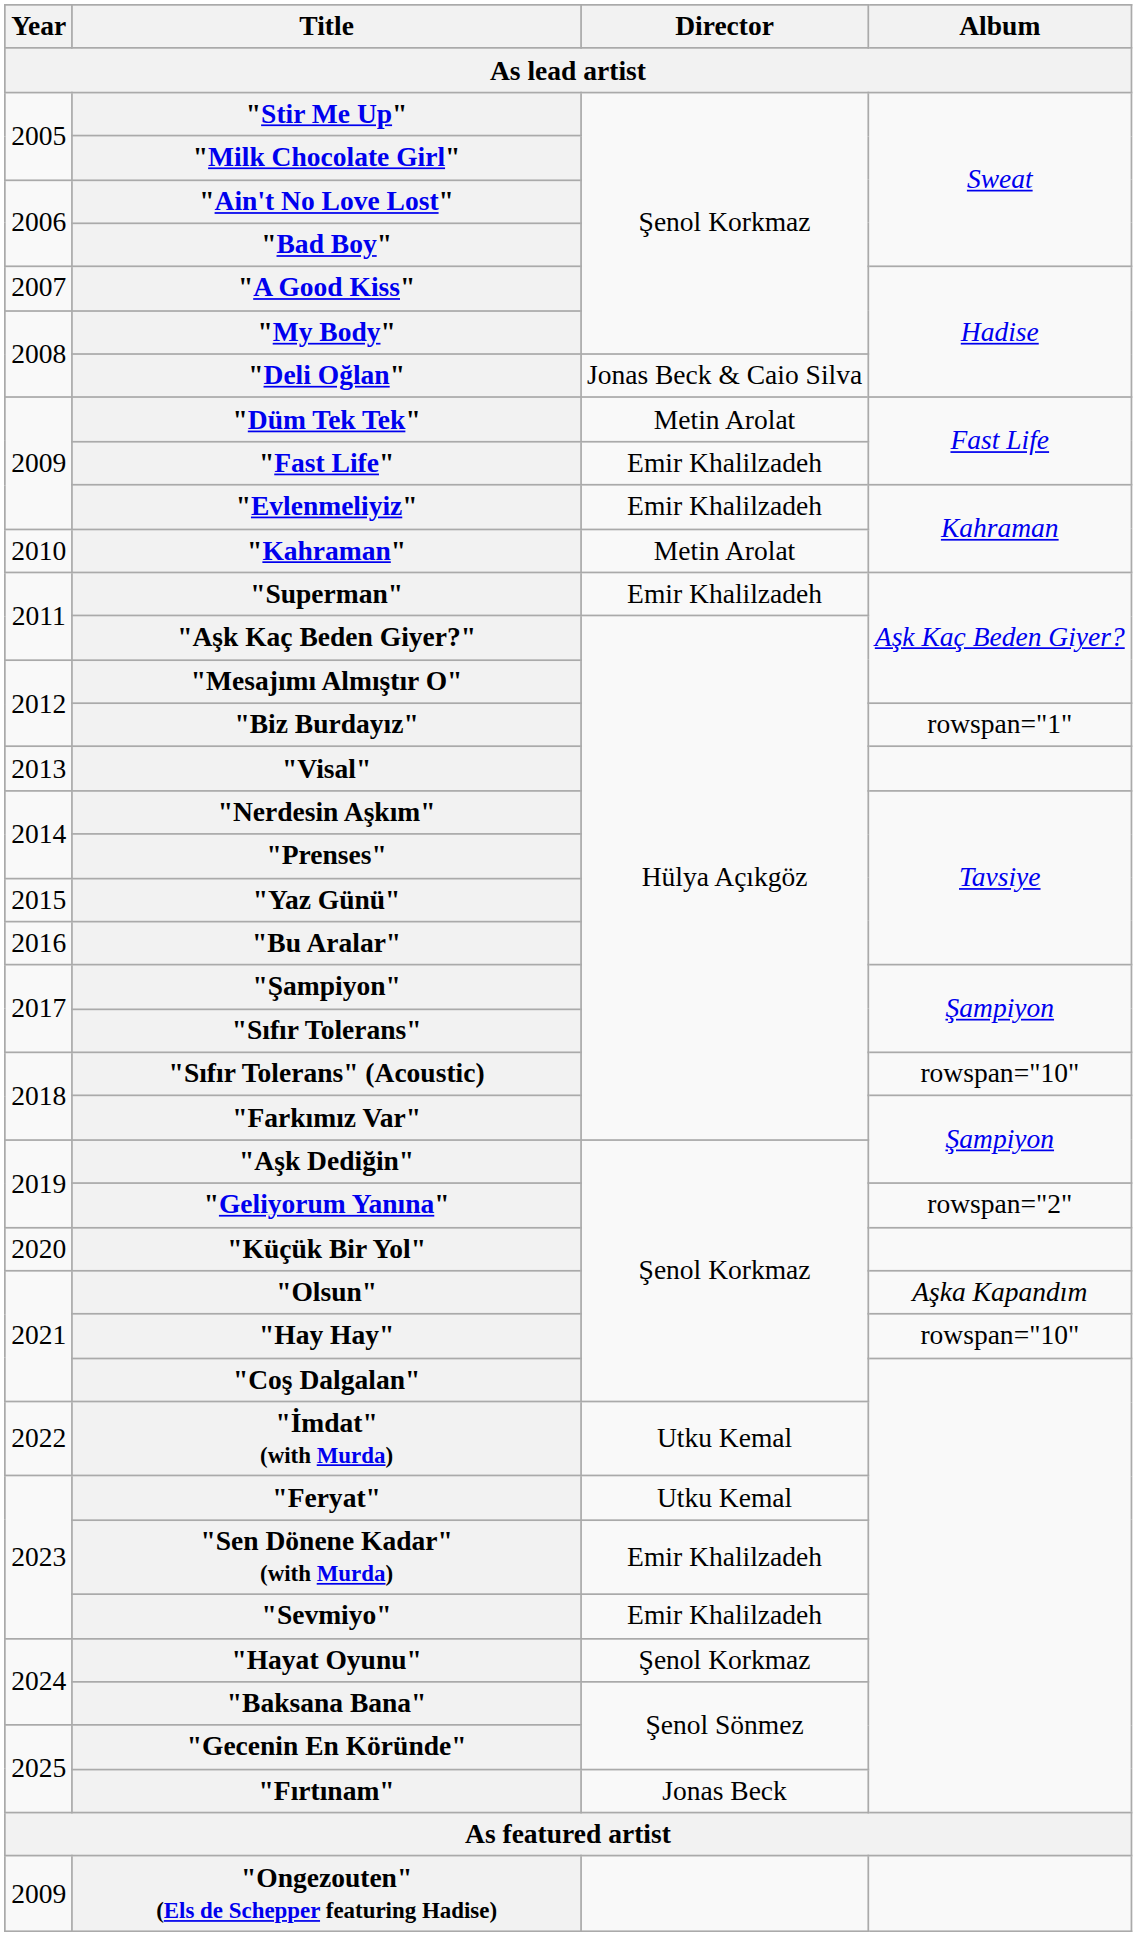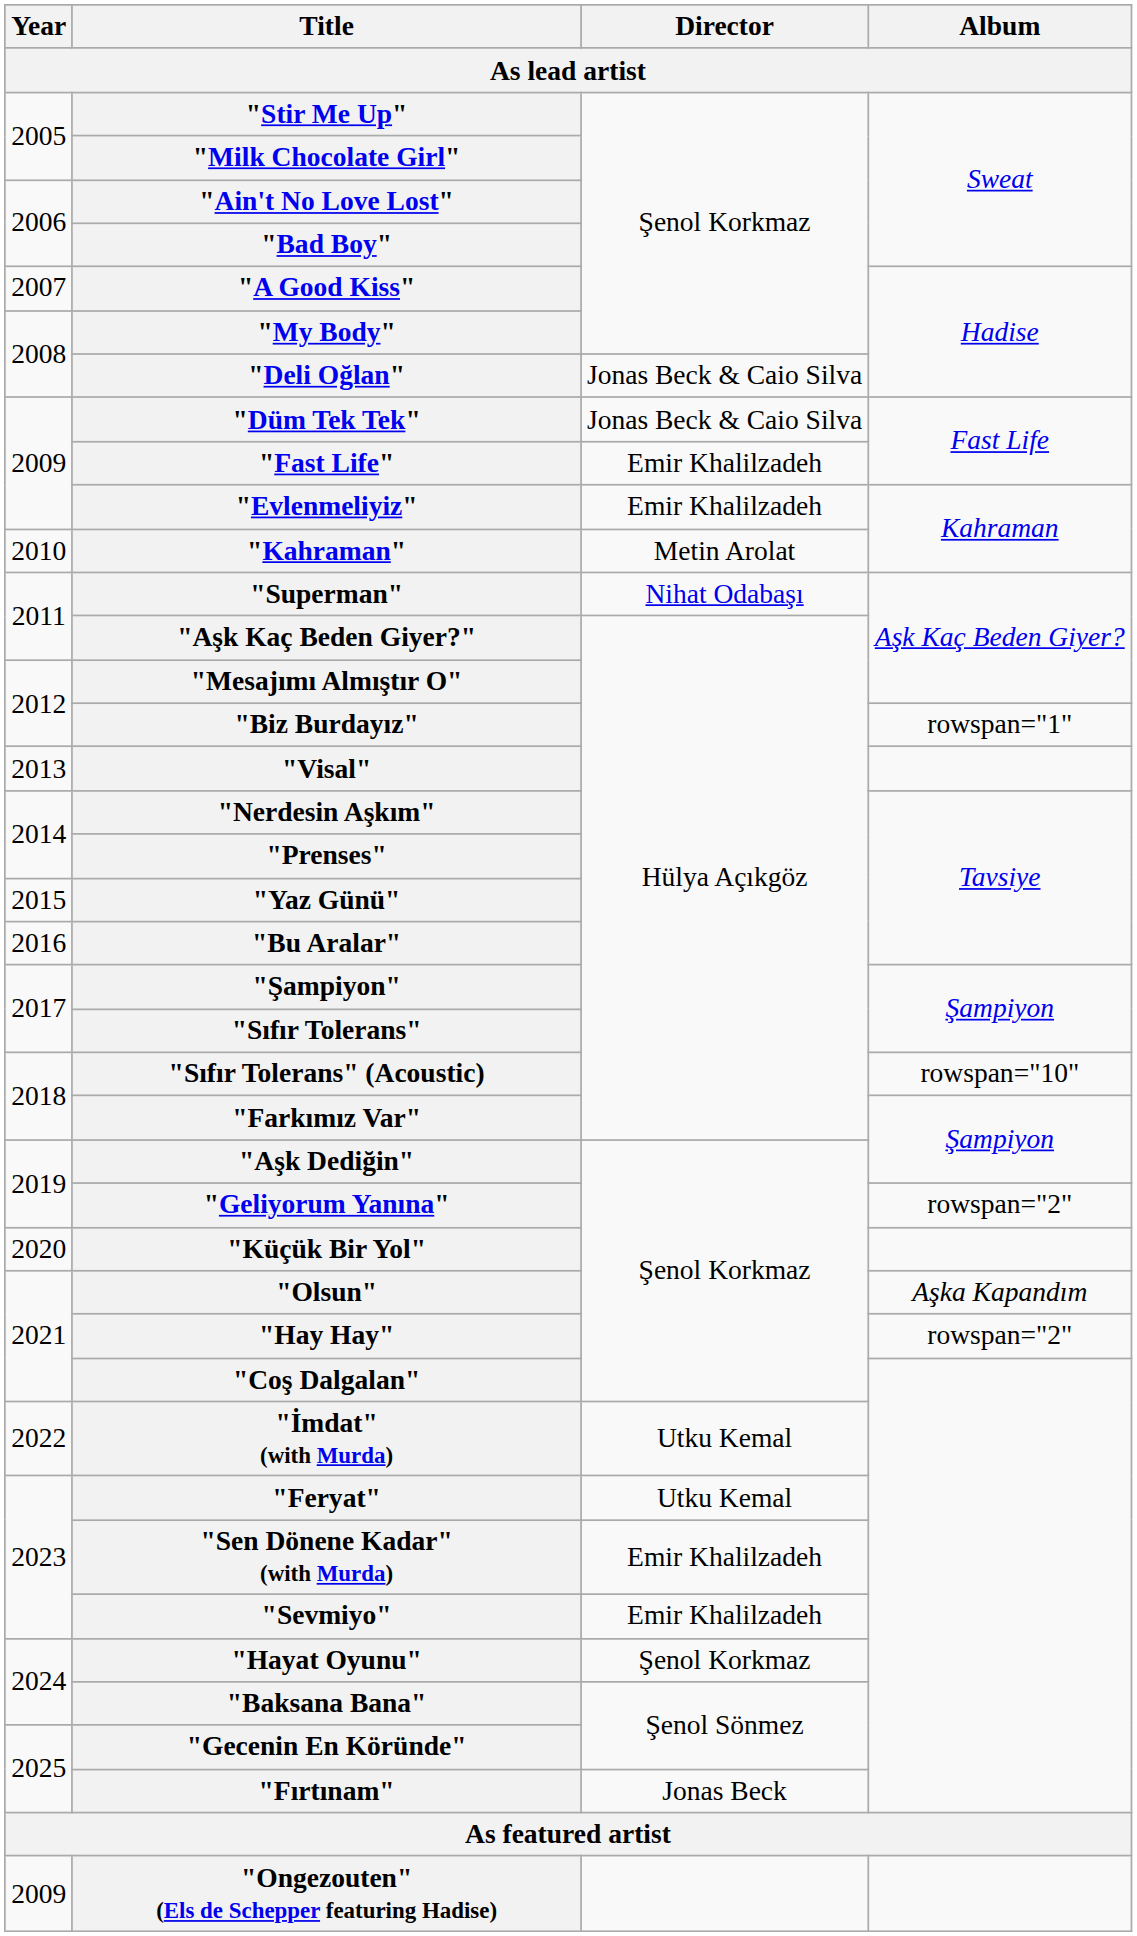 <table class="wikitable plainrowheaders" style="text-align:center;">
 <tr>
 <th scope="col" style="width:1em;">Year</th>
 <th scope="col" style="width:18em;">Title</th>
 <th scope="col">Director</th>
 <th scope="col">Album</th>
 </tr>
 <tr>
 <th scope="col" colspan="4">As lead artist</th>
 </tr>
 <tr>
 <td rowspan="2">2005</td>
 <th scope="row">"<a href='#'>Stir Me Up</a>"</th>
 <td rowspan="6">Şenol Korkmaz</td>
 <td rowspan="4"><em><a href='#'>Sweat</a></em></td>
 </tr>
 <tr>
 <th scope="row">"<a href='#'>Milk Chocolate Girl</a>"</th>
 </tr>
 <tr>
 <td rowspan="2">2006</td>
 <th scope="row">"<a href='#'>Ain't No Love Lost</a>"</th>
 </tr>
 <tr>
 <th scope="row">"<a href='#'>Bad Boy</a>"</th>
 </tr>
 <tr>
 <td>2007</td>
 <th scope="row">"<a href='#'>A Good Kiss</a>"</th>
 <td rowspan="3"><em><a href='#'>Hadise</a></em></td>
 </tr>
 <tr>
 <td rowspan="2">2008</td>
 <th scope="row">"<a href='#'>My Body</a>"</th>
 </tr>
 <tr>
 <th scope="row">"<a href='#'>Deli Oğlan</a>"</th>
 <td>Jonas Beck & Caio Silva</td>
 </tr>
 <tr>
 <td rowspan="3">2009</td>
 <th scope="row">"<a href='#'>Düm Tek Tek</a>"</th>
-<td>Metin Arolat</td>
+<td>Jonas Beck & Caio Silva</td>
 <td rowspan="2"><em><a href='#'>Fast Life</a></em></td>
 </tr>
 <tr>
 <th scope="row">"<a href='#'>Fast Life</a>"</th>
 <td>Emir Khalilzadeh</td>
 </tr>
 <tr>
 <th scope="row">"<a href='#'>Evlenmeliyiz</a>"</th>
 <td>Emir Khalilzadeh</td>
 <td rowspan="2"><em><a href='#'>Kahraman</a></em></td>
 </tr>
 <tr>
 <td>2010</td>
 <th scope="row">"<a href='#'>Kahraman</a>"</th>
 <td>Metin Arolat</td>
 </tr>
 <tr>
 <td rowspan="2">2011</td>
 <th scope="row">"Superman"</th>
-<td>Emir Khalilzadeh</td>
+<td><a href='#'>Nihat Odabaşı</a></td>
 <td rowspan="3"><em><a href='#'>Aşk Kaç Beden Giyer?</a></em></td>
 </tr>
 <tr>
 <th scope="row">"Aşk Kaç Beden Giyer?"</th>
 <td rowspan="12">Hülya Açıkgöz</td>
 </tr>
 <tr>
 <td rowspan="2">2012</td>
 <th scope="row">"Mesajımı Almıştır O"</th>
 </tr>
 <tr>
 <th scope="row">"Biz Burdayız"</th>
 <td>rowspan="1" </td>
 </tr>
 <tr>
 <td>2013</td>
 <th scope="row">"Visal"</th>
 </tr>
 <tr>
 <td rowspan="2">2014</td>
 <th scope="row">"Nerdesin Aşkım"</th>
 <td rowspan="4"><em><a href='#'>Tavsiye</a></em></td>
 </tr>
 <tr>
 <th scope="row">"Prenses"</th>
 </tr>
 <tr>
 <td>2015</td>
 <th scope="row">"Yaz Günü"</th>
 </tr>
 <tr>
 <td>2016</td>
 <th scope="row">"Bu Aralar"</th>
 </tr>
 <tr>
 <td rowspan="2">2017</td>
 <th scope="row">"Şampiyon"</th>
 <td rowspan="2"><em><a href='#'>Şampiyon</a></em></td>
 </tr>
 <tr>
 <th scope="row">"Sıfır Tolerans"</th>
 </tr>
 <tr>
 <td rowspan="2">2018</td>
 <th scope="row">"Sıfır Tolerans" (Acoustic)</th>
 <td>rowspan="10" </td>
 </tr>
 <tr>
 <th scope="row">"Farkımız Var"</th>
 <td rowspan="2"><em><a href='#'>Şampiyon</a></em></td>
 </tr>
 <tr>
 <td rowspan="2">2019</td>
 <th scope="row">"Aşk Dediğin"</th>
 <td rowspan="6">Şenol Korkmaz</td>
 </tr>
 <tr>
 <th scope="row">"<a href='#'>Geliyorum Yanına</a>"</th>
 <td>rowspan="2" </td>
 </tr>
 <tr>
 <td>2020</td>
 <th scope="row">"Küçük Bir Yol"</th>
 </tr>
 <tr>
 <td rowspan="3">2021</td>
 <th scope="row">"Olsun"</th>
 <td><em>Aşka Kapandım</em></td>
 </tr>
 <tr>
 <th scope="row">"Hay Hay"</th>
-<td>rowspan="10" </td>
+<td>rowspan="2" </td>
 </tr>
 <tr>
 <th scope="row">"Coş Dalgalan"</th>
 </tr>
 <tr>
 <td rowspan="1">2022</td>
 <th scope="row">"İmdat"<br><small>(with <a href='#'>Murda</a>)</small></th>
 <td>Utku Kemal</td>
 </tr>
 <tr>
 <td rowspan="3">2023</td>
 <th scope="row">"Feryat"</th>
 <td>Utku Kemal</td>
 </tr>
 <tr>
 <th scope="row">"Sen Dönene Kadar"<br><small>(with <a href='#'>Murda</a>)</small></th>
 <td>Emir Khalilzadeh</td>
 </tr>
 <tr>
 <th scope="row">"Sevmiyo"</th>
 <td>Emir Khalilzadeh</td>
 </tr>
 <tr>
 <td rowspan="2">2024</td>
 <th scope="row">"Hayat Oyunu"</th>
 <td>Şenol Korkmaz</td>
 </tr>
 <tr>
 <th scope="row">"Baksana Bana"</th>
 <td rowspan="2">Şenol Sönmez</td>
 </tr>
 <tr>
 <td rowspan="2">2025</td>
 <th scope="row">"Gecenin En Köründe"</th>
 </tr>
 <tr>
 <th scope="row">"Fırtınam"</th>
 <td>Jonas Beck</td>
 </tr>
 <tr>
 <th scope="col" colspan="4">As featured artist</th>
 </tr>
 <tr>
 <td>2009</td>
 <th scope="row">"Ongezouten"<br><small>(<a href='#'>Els de Schepper</a> featuring Hadise)</small></th>
 <td></td>
 <td></td>
 </tr>
 </table>
